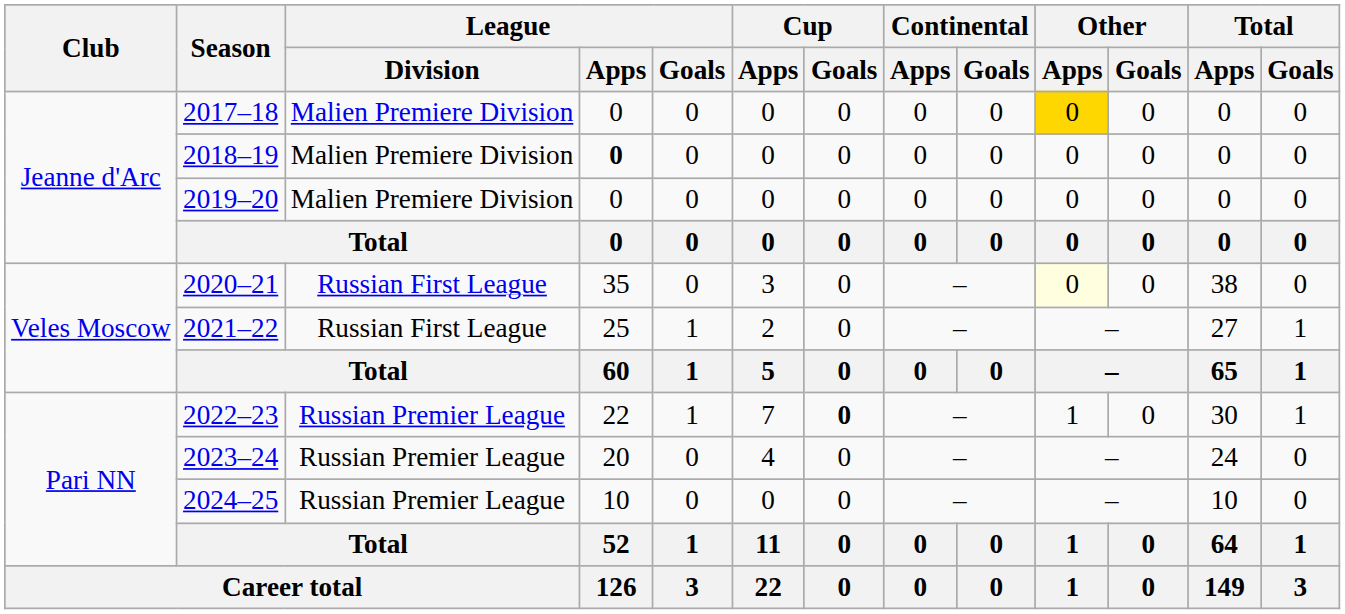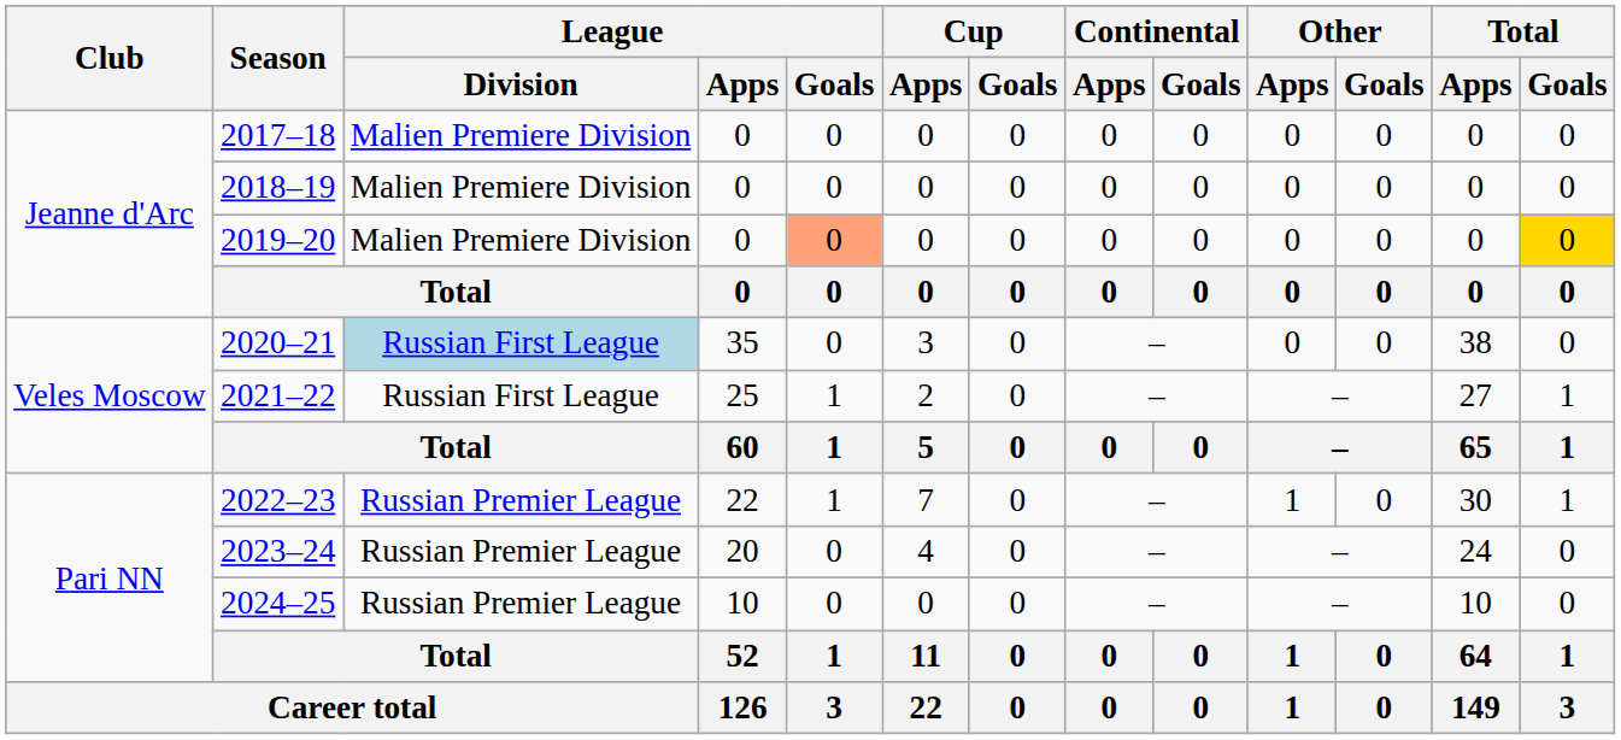 <table class="wikitable" style="text-align: center;">
 <tr>
 <th rowspan=2>Club</th>
 <th rowspan=2>Season</th>
 <th colspan=3>League</th>
 <th colspan=2>Cup</th>
 <th colspan=2>Continental</th>
 <th colspan=2>Other</th>
 <th colspan=2>Total</th>
 </tr>
 <tr>
 <th>Division</th>
 <th>Apps</th>
 <th>Goals</th>
 <th>Apps</th>
 <th>Goals</th>
 <th>Apps</th>
 <th>Goals</th>
 <th>Apps</th>
 <th>Goals</th>
 <th>Apps</th>
 <th>Goals</th>
 </tr>
 <tr>
 <td rowspan="4"><a href='#'>Jeanne d'Arc</a></td>
 <td><a href='#'>2017–18</a></td>
 <td><a href='#'>Malien Premiere Division</a></td>
 <td>0</td>
 <td>0</td>
 <td>0</td>
 <td>0</td>
 <td>0</td>
 <td>0</td>
-<td style="background: gold;">0</td>
+<td>0</td>
 <td>0</td>
 <td>0</td>
 <td>0</td>
 </tr>
 <tr>
 <td><a href='#'>2018–19</a></td>
 <td>Malien Premiere Division</td>
-<td><strong>0</strong></td>
+<td>0</td>
 <td>0</td>
 <td>0</td>
 <td>0</td>
 <td>0</td>
 <td>0</td>
 <td>0</td>
 <td>0</td>
 <td>0</td>
 <td>0</td>
 </tr>
 <tr>
 <td><a href='#'>2019–20</a></td>
 <td>Malien Premiere Division</td>
 <td>0</td>
+<td style="background: lightsalmon;">0</td>
 <td>0</td>
 <td>0</td>
 <td>0</td>
 <td>0</td>
 <td>0</td>
 <td>0</td>
 <td>0</td>
-<td>0</td>
-<td>0</td>
+<td style="background: gold;">0</td>
 </tr>
 <tr>
 <th colspan="2">Total</th>
 <th>0</th>
 <th>0</th>
 <th>0</th>
 <th>0</th>
 <th>0</th>
 <th>0</th>
 <th>0</th>
 <th>0</th>
 <th>0</th>
 <th>0</th>
 </tr>
 <tr>
 <td rowspan="3"><a href='#'>Veles Moscow</a></td>
 <td><a href='#'>2020–21</a></td>
-<td><a href='#'>Russian First League</a></td>
+<td style="background: lightblue;"><a href='#'>Russian First League</a></td>
 <td>35</td>
 <td>0</td>
 <td>3</td>
 <td>0</td>
 <td colspan=2>–</td>
-<td style="background: lightyellow;">0</td>
+<td>0</td>
 <td>0</td>
 <td>38</td>
 <td>0</td>
 </tr>
 <tr>
 <td><a href='#'>2021–22</a></td>
 <td>Russian First League</td>
 <td>25</td>
 <td>1</td>
 <td>2</td>
 <td>0</td>
 <td colspan=2>–</td>
 <td colspan=2>–</td>
 <td>27</td>
 <td>1</td>
 </tr>
 <tr>
 <th colspan=2>Total</th>
 <th>60</th>
 <th>1</th>
 <th>5</th>
 <th>0</th>
 <th>0</th>
 <th>0</th>
 <th colspan=2>–</th>
 <th>65</th>
 <th>1</th>
 </tr>
 <tr>
 <td rowspan="4"><a href='#'>Pari NN</a></td>
 <td><a href='#'>2022–23</a></td>
 <td><a href='#'>Russian Premier League</a></td>
 <td>22</td>
 <td>1</td>
 <td>7</td>
-<td><strong>0</strong></td>
+<td>0</td>
 <td colspan=2>–</td>
 <td>1</td>
 <td>0</td>
 <td>30</td>
 <td>1</td>
 </tr>
 <tr>
 <td><a href='#'>2023–24</a></td>
 <td>Russian Premier League</td>
 <td>20</td>
 <td>0</td>
 <td>4</td>
 <td>0</td>
 <td colspan=2>–</td>
 <td colspan=2>–</td>
 <td>24</td>
 <td>0</td>
 </tr>
 <tr>
 <td><a href='#'>2024–25</a></td>
 <td>Russian Premier League</td>
 <td>10</td>
 <td>0</td>
 <td>0</td>
 <td>0</td>
 <td colspan=2>–</td>
 <td colspan=2>–</td>
 <td>10</td>
 <td>0</td>
 </tr>
 <tr>
 <th colspan=2>Total</th>
 <th>52</th>
 <th>1</th>
 <th>11</th>
 <th>0</th>
 <th>0</th>
 <th>0</th>
 <th>1</th>
 <th>0</th>
 <th>64</th>
 <th>1</th>
 </tr>
 <tr>
 <th colspan=3>Career total</th>
 <th>126</th>
 <th>3</th>
 <th>22</th>
 <th>0</th>
 <th>0</th>
 <th>0</th>
 <th>1</th>
 <th>0</th>
 <th>149</th>
 <th>3</th>
 </tr>
 </table>
